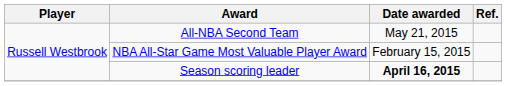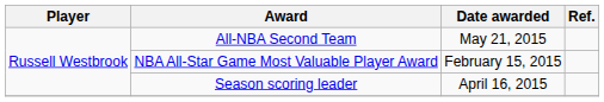 <table class="wikitable sortable sortable" style="text-align: center">
 <tr>
 <th>Player</th>
 <th>Award</th>
 <th>Date awarded</th>
 <th>Ref.</th>
 </tr>
 <tr>
 <td rowspan=3><a href='#'>Russell Westbrook</a></td>
 <td><a href='#'>All-NBA Second Team</a></td>
 <td>May 21, 2015</td>
 <td></td>
 </tr>
 <tr>
 <td><a href='#'>NBA All-Star Game Most Valuable Player Award</a></td>
 <td>February 15, 2015</td>
 <td></td>
 </tr>
 <tr>
 <td><a href='#'>Season scoring leader</a></td>
-<td><strong>April 16, 2015</strong></td>
+<td>April 16, 2015</td>
 <td></td>
 </tr>
 <tr>
 </tr>
 </table>
